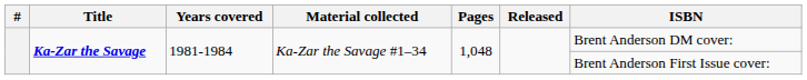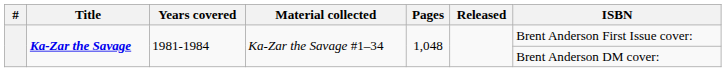 <table class="wikitable sortable" width="99%">
 <tr>
 <th class="unsortable" width="20px">#</th>
 <th>Title</th>
 <th>Years covered</th>
 <th class="unsortable">Material collected</th>
 <th>Pages</th>
 <th>Released</th>
 <th class="unsortable">ISBN</th>
 </tr>
 <tr>
 <th rowspan="2" style="background-color: light grey;"></th>
 <td rowspan="2"><strong><em><a href='#'>Ka-Zar the Savage</a></em></strong></td>
 <td rowspan="2">1981-1984</td>
 <td rowspan="2"><em>Ka-Zar the Savage</em> #1–34</td>
 <td rowspan="2" style="text-align: center;">1,048</td>
 <td rowspan="2"></td>
+<td>Brent Anderson First Issue cover: </td>
+</tr>
+<tr>
 <td>Brent Anderson DM cover: </td>
 </tr>
-<tr>
-<td>Brent Anderson First Issue cover: </td>
-</tr>
 </table>
